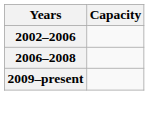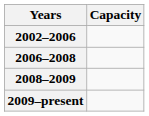 <table class="wikitable">
 <tr>
 <th>Years</th>
 <th>Capacity</th>
 </tr>
 <tr>
 <th>2002–2006</th>
 <td></td>
 </tr>
 <tr>
 <th>2006–2008</th>
 <td></td>
 </tr>
 <tr>
+<th>2008–2009</th>
+<td></td>
+</tr>
+<tr>
 <th>2009–present</th>
 <td></td>
 </tr>
 </table>
